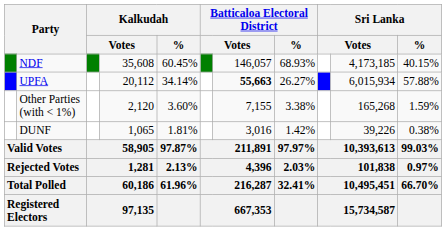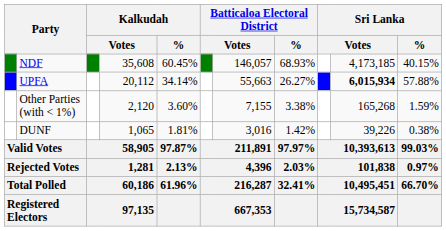 <table class="wikitable">
 <tr>
 <th colspan="2" width="144px"rowspan="2">Party</th>
 <th colspan="3" width="216px">Kalkudah</th>
 <th colspan="3" width="216px"><a href='#'>Batticaloa Electoral District</a></th>
 <th colspan="3" width="216px">Sri Lanka</th>
 </tr>
 <tr>
 <th colspan="2" width="144px">Votes</th>
 <th>%</th>
 <th colspan="2" width="144px">Votes</th>
 <th>%</th>
 <th colspan="2" width="144px">Votes</th>
 <th>%</th>
 </tr>
 <tr>
 <td style="background-color:green;" width="10px"></td>
 <td style="text-align:left;"><a href='#'>NDF</a></td>
 <td style="background-color:green;" width="10px"></td>
 <td style="text-align:right;">35,608</td>
 <td style="text-align:right;">60.45%</td>
 <td style="background-color:green;" width="10px"></td>
 <td style="text-align:right;">146,057</td>
 <td style="text-align:right;">68.93%</td>
 <td style="background-color:white;" width="10px"></td>
 <td style="text-align:right;">4,173,185</td>
 <td style="text-align:right;">40.15%</td>
 </tr>
 <tr>
 <td style="background-color:blue;" width="10px"></td>
 <td style="text-align:left;"><a href='#'>UPFA</a></td>
 <td style="background-color:white;" width="10px"></td>
 <td style="text-align:right;">20,112</td>
 <td style="text-align:right;">34.14%</td>
 <td style="background-color:white;" width="10px"></td>
-<td style="text-align:right;"><strong>55,663</strong></td>
+<td style="text-align:right;">55,663</td>
 <td style="text-align:right;">26.27%</td>
 <td style="background-color:blue;" width="10px"></td>
-<td style="text-align:right;">6,015,934</td>
+<td style="text-align:right;"><strong>6,015,934</strong></td>
 <td style="text-align:right;">57.88%</td>
 </tr>
 <tr>
 <td style="background-color:white;" width="10px"></td>
 <td style="text-align:left;">Other Parties (with < 1%)</td>
 <td style="background-color:white;" width="10px"></td>
 <td style="text-align:right;">2,120</td>
 <td style="text-align:right;">3.60%</td>
 <td style="background-color:white;" width="10px"></td>
 <td style="text-align:right;">7,155</td>
 <td style="text-align:right;">3.38%</td>
 <td style="background-color:white;" width="10px"></td>
 <td style="text-align:right;">165,268</td>
 <td style="text-align:right;">1.59%</td>
 </tr>
 <tr>
 <td style="background-color:white;" width="10px"></td>
 <td style="text-align:left;">DUNF</td>
 <td style="background-color:white;" width="10px"></td>
 <td style="text-align:right;">1,065</td>
 <td style="text-align:right;">1.81%</td>
 <td style="background-color:white;" width="10px"></td>
 <td style="text-align:right;">3,016</td>
 <td style="text-align:right;">1.42%</td>
 <td style="background-color:white;" width="10px"></td>
 <td style="text-align:right;">39,226</td>
 <td style="text-align:right;">0.38%</td>
 </tr>
 <tr>
 <th colspan="2" width="144px"style="text-align:left;">Valid Votes</th>
 <th style="text-align:right;"colspan="2" width="144px">58,905</th>
 <th style="text-align:right;">97.87%</th>
 <th style="text-align:right;"colspan="2" width="144px">211,891</th>
 <th style="text-align:right;">97.97%</th>
 <th style="text-align:right;"colspan="2" width="144px">10,393,613</th>
 <th style="text-align:right;">99.03%</th>
 </tr>
 <tr>
 <th colspan="2" width="144px"style="text-align:left;">Rejected Votes</th>
 <th style="text-align:right;"colspan="2" width="144px">1,281</th>
 <th style="text-align:right;">2.13%</th>
 <th style="text-align:right;"colspan="2" width="144px">4,396</th>
 <th style="text-align:right;">2.03%</th>
 <th style="text-align:right;"colspan="2" width="144px">101,838</th>
 <th style="text-align:right;">0.97%</th>
 </tr>
 <tr>
 <th colspan="2" width="144px"style="text-align:left;">Total Polled</th>
 <th style="text-align:right;"colspan="2" width="144px">60,186</th>
 <th style="text-align:right;">61.96%</th>
 <th style="text-align:right;"colspan="2" width="144px">216,287</th>
 <th style="text-align:right;">32.41%</th>
 <th style="text-align:right;"colspan="2" width="144px">10,495,451</th>
 <th style="text-align:right;">66.70%</th>
 </tr>
 <tr>
 <th colspan="2" width="144px"style="text-align:left;">Registered Electors</th>
 <th style="text-align:right;"colspan="2" width="144px">97,135</th>
 <th></th>
 <th style="text-align:right;"colspan="2" width="144px">667,353</th>
 <th></th>
 <th style="text-align:right;"colspan="2" width="144px">15,734,587</th>
 <th></th>
 </tr>
 </table>
